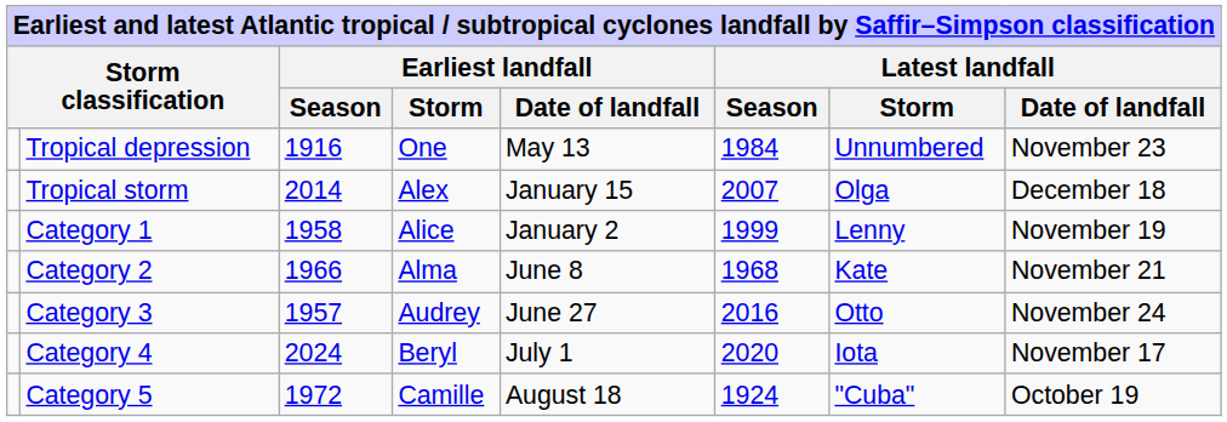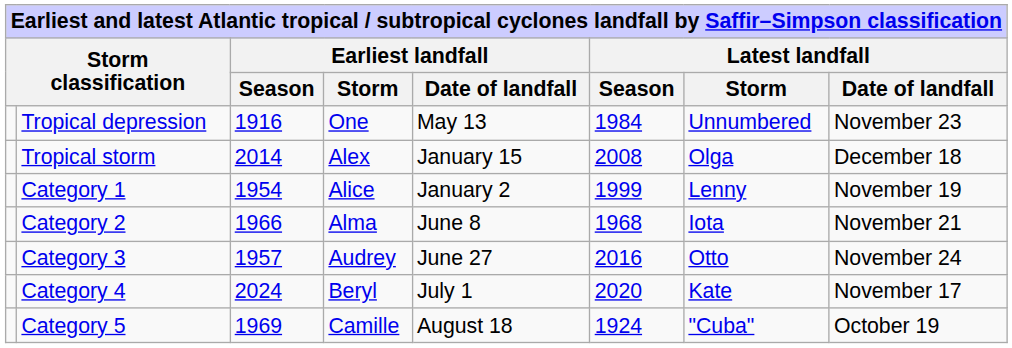 <table class="wikitable" style="margin: 1em auto;">
 <tr>
 <th colspan="8" style="background:#ccf;">Earliest and latest Atlantic tropical / subtropical cyclones landfall by <a href='#'>Saffir–Simpson classification</a></th>
 </tr>
 <tr>
 <th colspan="2" rowspan="2">Storm<br>classification</th>
 <th colspan="3">Earliest landfall</th>
 <th colspan="3">Latest landfall</th>
 </tr>
 <tr>
 <th>Season</th>
 <th>Storm</th>
 <th>Date of landfall</th>
 <th>Season</th>
 <th>Storm</th>
 <th>Date of landfall</th>
 </tr>
 <tr>
 <td></td>
 <td><a href='#'>Tropical depression</a></td>
 <td><a href='#'>1916</a></td>
 <td><a href='#'>One</a></td>
 <td>May 13</td>
 <td><a href='#'>1984</a></td>
 <td><a href='#'>Unnumbered</a></td>
 <td>November 23</td>
 </tr>
 <tr>
 <td></td>
 <td><a href='#'>Tropical storm</a></td>
 <td><a href='#'>2014</a></td>
 <td><a href='#'>Alex</a></td>
 <td>January 15</td>
-<td><a href='#'>2007</a></td>
+<td><a href='#'>2008</a></td>
 <td><a href='#'>Olga</a></td>
 <td>December 18</td>
 </tr>
 <tr>
 <td></td>
 <td><a href='#'>Category 1</a></td>
-<td><a href='#'>1958</a></td>
+<td><a href='#'>1954</a></td>
 <td><a href='#'>Alice</a></td>
 <td>January 2</td>
 <td><a href='#'>1999</a></td>
 <td><a href='#'>Lenny</a></td>
 <td>November 19</td>
 </tr>
 <tr>
 <td></td>
 <td><a href='#'>Category 2</a></td>
 <td><a href='#'>1966</a></td>
 <td><a href='#'>Alma</a></td>
 <td>June 8</td>
 <td><a href='#'>1968</a></td>
-<td><a href='#'>Kate</a></td>
+<td><a href='#'>Iota</a></td>
 <td>November 21</td>
 </tr>
 <tr>
 <td></td>
 <td><a href='#'>Category 3</a></td>
 <td><a href='#'>1957</a></td>
 <td><a href='#'>Audrey</a></td>
 <td>June 27</td>
 <td><a href='#'>2016</a></td>
 <td><a href='#'>Otto</a></td>
 <td>November 24</td>
 </tr>
 <tr>
 <td></td>
 <td><a href='#'>Category 4</a></td>
 <td><a href='#'>2024</a></td>
 <td><a href='#'>Beryl</a></td>
 <td>July 1</td>
 <td><a href='#'>2020</a></td>
-<td><a href='#'>Iota</a></td>
+<td><a href='#'>Kate</a></td>
 <td>November 17</td>
 </tr>
 <tr>
 <td></td>
 <td><a href='#'>Category 5</a></td>
-<td><a href='#'>1972</a></td>
+<td><a href='#'>1969</a></td>
 <td><a href='#'>Camille</a></td>
 <td>August 18</td>
 <td><a href='#'>1924</a></td>
 <td><a href='#'>"Cuba"</a></td>
 <td>October 19</td>
 </tr>
 </table>
